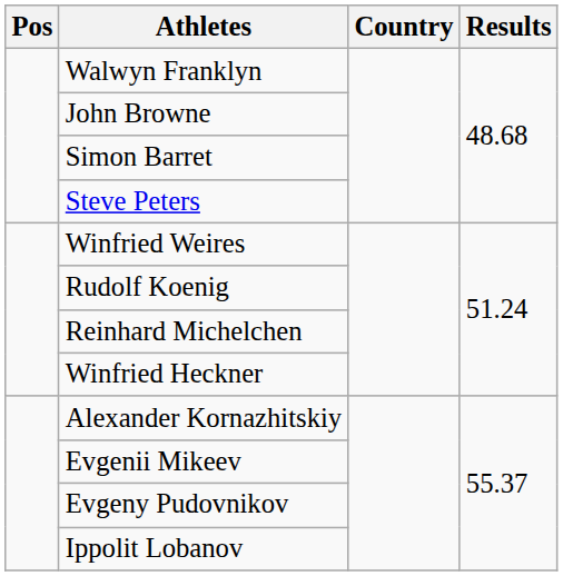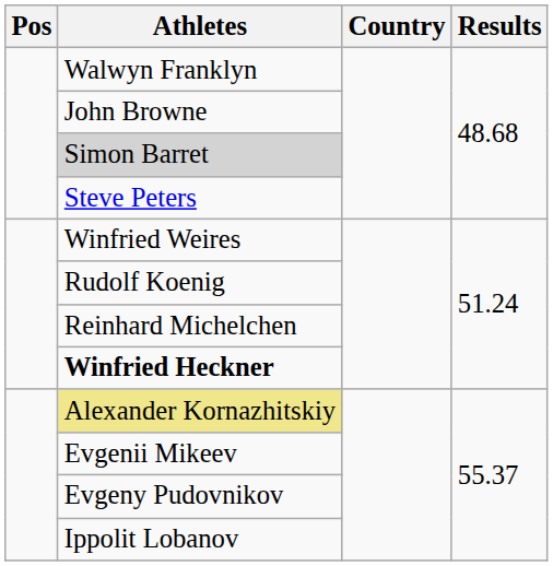 <table class="wikitable">
 <tr>
 <th>Pos</th>
 <th>Athletes</th>
 <th>Country</th>
 <th>Results</th>
 </tr>
 <tr>
 <td rowspan="4"></td>
 <td>Walwyn Franklyn</td>
 <td rowspan="4"></td>
 <td rowspan="4">48.68</td>
 </tr>
 <tr>
 <td>John Browne</td>
 </tr>
 <tr>
-<td>Simon Barret</td>
+<td style="background: lightgrey;">Simon Barret</td>
 </tr>
 <tr>
 <td><a href='#'>Steve Peters</a></td>
 </tr>
 <tr>
 <td rowspan="4"></td>
 <td>Winfried Weires</td>
 <td rowspan="4"></td>
 <td rowspan="4">51.24</td>
 </tr>
 <tr>
 <td>Rudolf Koenig</td>
 </tr>
 <tr>
 <td>Reinhard Michelchen</td>
 </tr>
 <tr>
-<td>Winfried Heckner</td>
+<td><strong>Winfried Heckner</strong></td>
 </tr>
 <tr>
 <td rowspan="4"></td>
-<td>Alexander Kornazhitskiy</td>
+<td style="background: khaki;">Alexander Kornazhitskiy</td>
 <td rowspan="4"></td>
 <td rowspan="4">55.37</td>
 </tr>
 <tr>
 <td>Evgenii Mikeev</td>
 </tr>
 <tr>
 <td>Evgeny Pudovnikov</td>
 </tr>
 <tr>
 <td>Ippolit Lobanov</td>
 </tr>
 </table>
